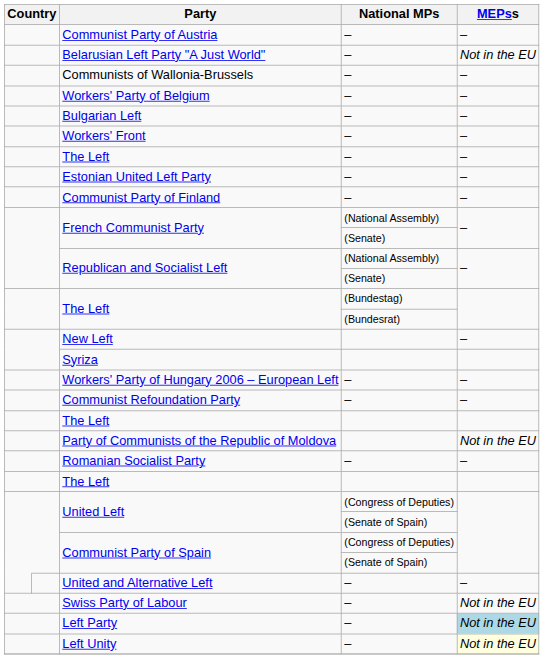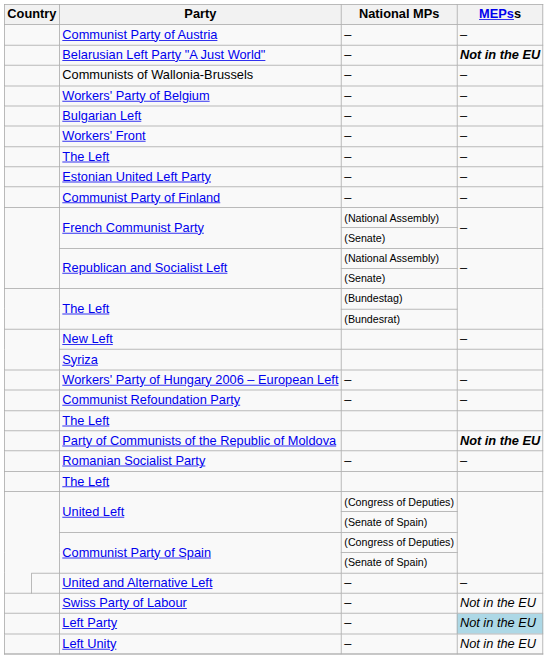 <table class="wikitable sortable">
 <tr>
 <th colspan=2>Country</th>
 <th>Party</th>
 <th>National MPs</th>
 <th><a href='#'>MEPs</a>s</th>
 </tr>
 <tr>
 <td colspan=2></td>
 <td><a href='#'>Communist Party of Austria</a></td>
 <td>–</td>
 <td>–</td>
 </tr>
 <tr>
 <td colspan=2></td>
 <td><a href='#'>Belarusian Left Party "A Just World"</a></td>
 <td>–</td>
-<td><em>Not in the EU</em></td>
+<td><strong><em>Not in the EU</em></strong></td>
 </tr>
 <tr>
 <td colspan="2"></td>
 <td>Communists of Wallonia-Brussels</td>
 <td>–</td>
 <td>–</td>
 </tr>
 <tr>
 <td colspan="2"></td>
 <td><a href='#'>Workers' Party of Belgium</a></td>
 <td>–</td>
 <td>–</td>
 </tr>
 <tr>
 <td colspan=2></td>
 <td><a href='#'>Bulgarian Left</a></td>
 <td>–</td>
 <td>–</td>
 </tr>
 <tr>
 <td colspan=2></td>
 <td><a href='#'>Workers' Front</a></td>
 <td>–</td>
 <td>–</td>
 </tr>
 <tr>
 <td colspan=2></td>
 <td><a href='#'>The Left</a></td>
 <td>–</td>
 <td>–</td>
 </tr>
 <tr>
 <td colspan=2></td>
 <td><a href='#'>Estonian United Left Party</a></td>
 <td>–</td>
 <td>–</td>
 </tr>
 <tr>
 <td colspan=2></td>
 <td><a href='#'>Communist Party of Finland</a></td>
 <td>–</td>
 <td>–</td>
 </tr>
 <tr>
 <td rowspan=4 colspan=2></td>
 <td rowspan=2><a href='#'>French Communist Party</a></td>
 <td><small>(National Assembly)</small></td>
 <td rowspan=2>–</td>
 </tr>
 <tr>
 <td><small>(Senate)</small></td>
 </tr>
 <tr>
 <td rowspan=2><a href='#'>Republican and Socialist Left</a></td>
 <td><small>(National Assembly)</small></td>
 <td rowspan=2>–</td>
 </tr>
 <tr>
 <td><small>(Senate)</small></td>
 </tr>
 <tr>
 <td rowspan=2 colspan=2></td>
 <td rowspan=2><a href='#'>The Left</a></td>
 <td><small>(Bundestag)</small></td>
 <td rowspan=2></td>
 </tr>
 <tr>
 <td><small>(Bundesrat)</small></td>
 </tr>
 <tr>
 <td colspan="2" rowspan="2"></td>
 <td><a href='#'>New Left</a></td>
 <td></td>
 <td>–</td>
 </tr>
 <tr>
 <td><a href='#'>Syriza</a></td>
 <td></td>
 <td></td>
 </tr>
 <tr>
 <td colspan=2></td>
 <td><a href='#'>Workers' Party of Hungary 2006 – European Left</a></td>
 <td>–</td>
 <td>–</td>
 </tr>
 <tr>
 <td colspan=2></td>
 <td><a href='#'>Communist Refoundation Party</a></td>
 <td>–</td>
 <td>–</td>
 </tr>
 <tr>
 <td colspan=2></td>
 <td><a href='#'>The Left</a></td>
 <td></td>
 <td></td>
 </tr>
 <tr>
 <td colspan=2></td>
 <td><a href='#'>Party of Communists of the Republic of Moldova</a></td>
 <td></td>
-<td><em>Not in the EU</em></td>
+<td><strong><em>Not in the EU</em></strong></td>
 </tr>
 <tr>
 <td colspan=2></td>
 <td><a href='#'>Romanian Socialist Party</a></td>
 <td>–</td>
 <td>–</td>
 </tr>
 <tr>
 <td colspan=2></td>
 <td><a href='#'>The Left</a></td>
 <td></td>
 <td></td>
 </tr>
 <tr>
 <td rowspan=5></td>
 <td rowspan=4 style="border-left:hidden"></td>
 <td rowspan=2><a href='#'>United Left</a></td>
 <td><small>(Congress of Deputies)</small></td>
 <td rowspan=4></td>
 </tr>
 <tr>
 <td><small>(Senate of Spain)</small></td>
 </tr>
 <tr>
 <td rowspan=2><a href='#'>Communist Party of Spain</a></td>
 <td><small>(Congress of Deputies)</small></td>
 </tr>
 <tr>
 <td><small>(Senate of Spain)</small></td>
 </tr>
 <tr>
 <td></td>
 <td><a href='#'>United and Alternative Left</a></td>
 <td>–</td>
 <td>–</td>
 </tr>
 <tr>
 <td colspan=2></td>
 <td><a href='#'>Swiss Party of Labour</a></td>
 <td>–</td>
 <td><em>Not in the EU</em></td>
 </tr>
 <tr>
 <td colspan=2></td>
 <td><a href='#'>Left Party</a></td>
 <td>–</td>
 <td style="background: lightblue;"><em>Not in the EU</em></td>
 </tr>
 <tr>
 <td colspan=2></td>
 <td><a href='#'>Left Unity</a></td>
 <td>–</td>
-<td style="background: lightyellow;"><em>Not in the EU</em></td>
+<td><em>Not in the EU</em></td>
 </tr>
 <tr>
 </tr>
 </table>
